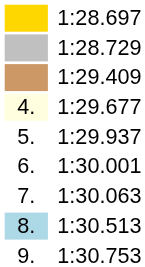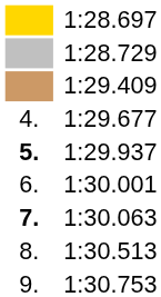 <table style="text-align:center">
 <tr>
 <td width=30 bgcolor=gold></td>
 <td align=left></td>
 <td width=60>1:28.697</td>
 </tr>
 <tr>
 <td bgcolor=silver></td>
 <td align=left></td>
 <td>1:28.729</td>
 </tr>
 <tr>
 <td bgcolor=cc9966></td>
 <td align=left></td>
 <td>1:29.409</td>
 </tr>
 <tr>
-<td style="background: lightyellow;">4.</td>
+<td>4.</td>
 <td align=left></td>
 <td>1:29.677</td>
 </tr>
 <tr>
-<td>5.</td>
+<td><strong>5.</strong></td>
 <td align=left></td>
 <td>1:29.937</td>
 </tr>
 <tr>
 <td>6.</td>
 <td align=left></td>
 <td>1:30.001</td>
 </tr>
 <tr>
-<td>7.</td>
+<td><strong>7.</strong></td>
 <td align=left></td>
 <td>1:30.063</td>
 </tr>
 <tr>
-<td style="background: lightblue;">8.</td>
+<td>8.</td>
 <td align=left></td>
 <td>1:30.513</td>
 </tr>
 <tr>
 <td>9.</td>
 <td align=left></td>
 <td>1:30.753</td>
 </tr>
 </table>
